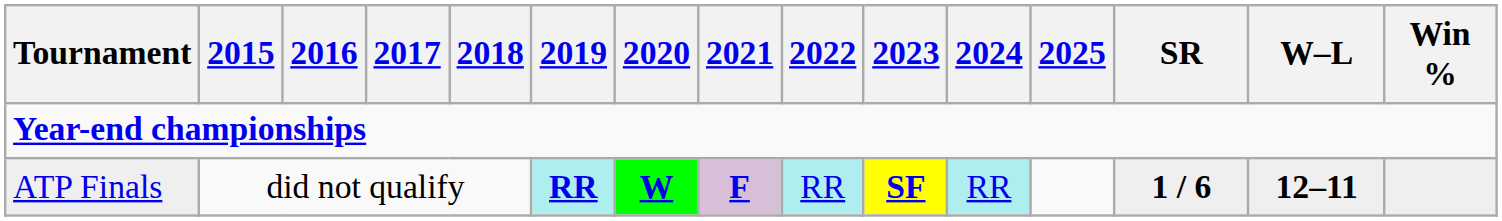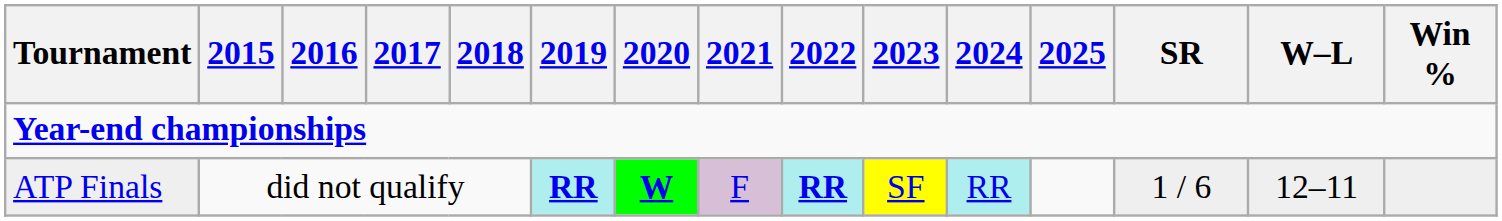 <table class=wikitable style=text-align:center;font-size:88%>
 <tr>
 <th>Tournament</th>
 <th><a href='#'>2015</a></th>
 <th><a href='#'>2016</a></th>
 <th><a href='#'>2017</a></th>
 <th><a href='#'>2018</a></th>
 <th><a href='#'>2019</a></th>
 <th><a href='#'>2020</a></th>
 <th><a href='#'>2021</a></th>
 <th><a href='#'>2022</a></th>
 <th><a href='#'>2023</a></th>
 <th><a href='#'>2024</a></th>
 <th><a href='#'>2025</a></th>
 <th width=50>SR</th>
 <th width=50>W–L</th>
 <th width=40>Win %</th>
 </tr>
 <tr>
 <td colspan=15 align=left><strong><a href='#'>Year-end championships</a></strong></td>
 </tr>
 <tr>
 <td bgcolor=efefef align=left><a href='#'>ATP Finals</a></td>
 <td colspan=4>did not qualify</td>
 <td bgcolor=afeeee><strong><a href='#'>RR</a></strong></td>
 <td bgcolor=lime><a href='#'><strong>W</strong></a></td>
-<td bgcolor=thistle><strong><a href='#'>F</a></strong></td>
-<td bgcolor=afeeee><a href='#'>RR</a></td>
-<td bgcolor=yellow><strong><a href='#'>SF</a></strong></td>
+<td bgcolor=thistle><a href='#'>F</a></td>
+<td bgcolor=afeeee><strong><a href='#'>RR</a></strong></td>
+<td bgcolor=yellow><a href='#'>SF</a></td>
 <td bgcolor=afeeee><a href='#'>RR</a></td>
 <td></td>
-<td bgcolor=efefef><strong>1 / 6</strong></td>
-<td bgcolor=efefef><strong>12–11</strong></td>
+<td bgcolor=efefef>1 / 6</td>
+<td bgcolor=efefef>12–11</td>
 <td bgcolor=efefef></td>
 </tr>
 </table>
